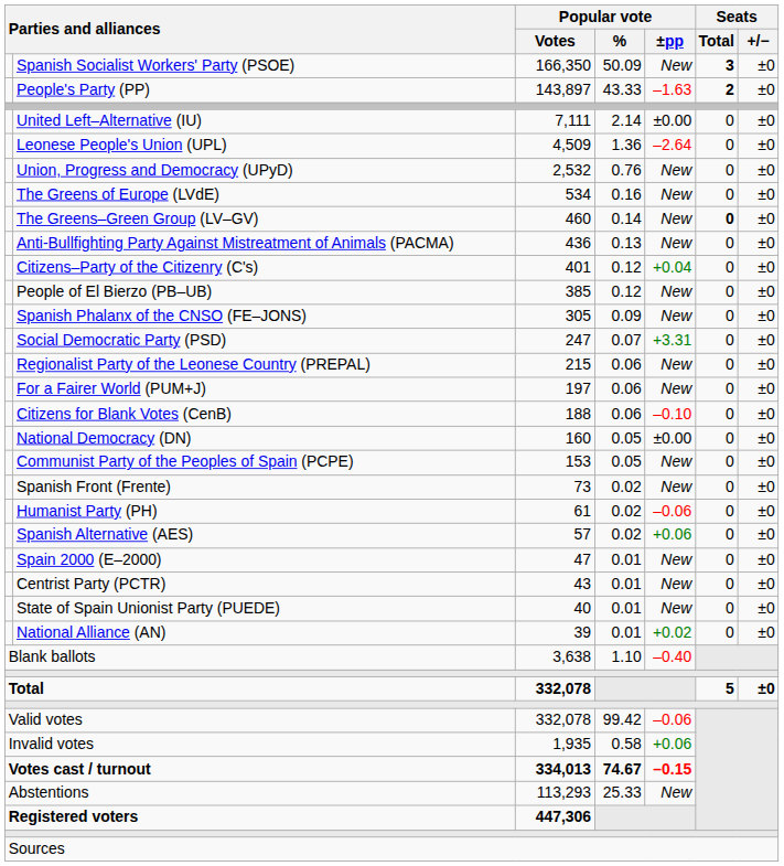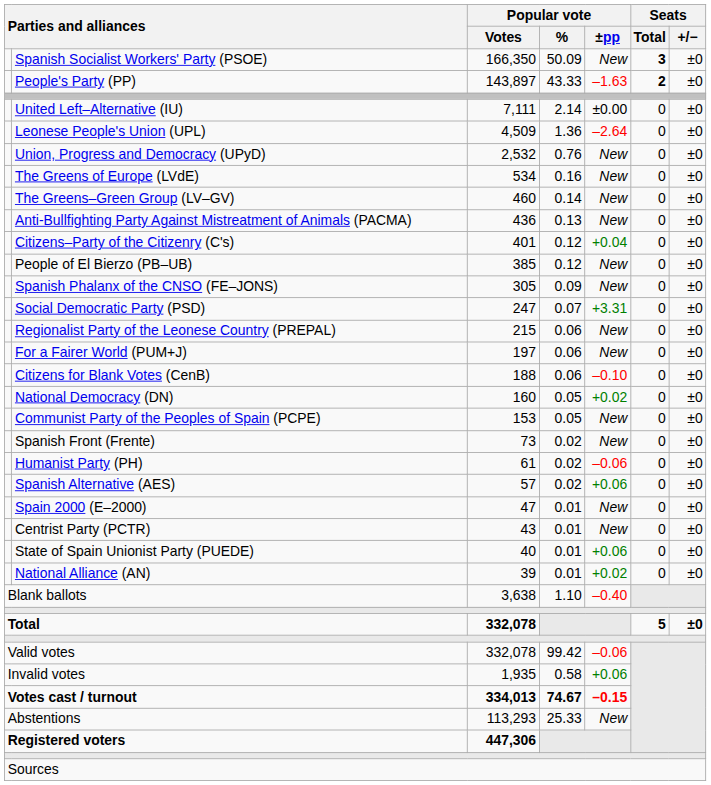 <table class="wikitable" style="text-align:right;">
 <tr>
 <th style="text-align:left;" rowspan="2" colspan="2" width="525">Parties and alliances</th>
 <th colspan="3">Popular vote</th>
 <th colspan="2">Seats</th>
 </tr>
 <tr>
 <th width="75">Votes</th>
 <th width="45">%</th>
 <th width="45">±<a href='#'>pp</a></th>
 <th width="35">Total</th>
 <th width="35">+/−</th>
 </tr>
 <tr>
 <td width="1" style="color:inherit;background:"></td>
 <td align="left"><a href='#'>Spanish Socialist Workers' Party</a> (PSOE)</td>
 <td>166,350</td>
 <td>50.09</td>
 <td><em>New</em></td>
 <td><strong>3</strong></td>
 <td>±0</td>
 </tr>
 <tr>
 <td style="color:inherit;background:"></td>
 <td align="left"><a href='#'>People's Party</a> (PP)</td>
 <td>143,897</td>
 <td>43.33</td>
 <td style="color:red;">–1.63</td>
 <td><strong>2</strong></td>
 <td>±0</td>
 </tr>
 <tr>
 <td colspan="7" bgcolor="#C0C0C0"></td>
 </tr>
 <tr>
 <td style="color:inherit;background:"></td>
 <td align="left"><a href='#'>United Left–Alternative</a> (IU)</td>
 <td>7,111</td>
 <td>2.14</td>
 <td>±0.00</td>
 <td>0</td>
 <td>±0</td>
 </tr>
 <tr>
 <td style="color:inherit;background:"></td>
 <td align="left"><a href='#'>Leonese People's Union</a> (UPL)</td>
 <td>4,509</td>
 <td>1.36</td>
 <td style="color:red;">–2.64</td>
 <td>0</td>
 <td>±0</td>
 </tr>
 <tr>
 <td style="color:inherit;background:"></td>
 <td align="left"><a href='#'>Union, Progress and Democracy</a> (UPyD)</td>
 <td>2,532</td>
 <td>0.76</td>
 <td><em>New</em></td>
 <td>0</td>
 <td>±0</td>
 </tr>
 <tr>
 <td style="color:inherit;background:"></td>
 <td align="left"><a href='#'>The Greens of Europe</a> (LVdE)</td>
 <td>534</td>
 <td>0.16</td>
 <td><em>New</em></td>
 <td>0</td>
 <td>±0</td>
 </tr>
 <tr>
 <td style="color:inherit;background:"></td>
 <td align="left"><a href='#'>The Greens–Green Group</a> (LV–GV)</td>
 <td>460</td>
 <td>0.14</td>
 <td><em>New</em></td>
-<td><strong>0</strong></td>
+<td>0</td>
 <td>±0</td>
 </tr>
 <tr>
 <td style="color:inherit;background:"></td>
 <td align="left"><a href='#'>Anti-Bullfighting Party Against Mistreatment of Animals</a> (PACMA)</td>
 <td>436</td>
 <td>0.13</td>
 <td><em>New</em></td>
 <td>0</td>
 <td>±0</td>
 </tr>
 <tr>
 <td style="color:inherit;background:"></td>
 <td align="left"><a href='#'>Citizens–Party of the Citizenry</a> (C's)</td>
 <td>401</td>
 <td>0.12</td>
 <td style="color:green;">+0.04</td>
 <td>0</td>
 <td>±0</td>
 </tr>
 <tr>
 <td style="color:inherit;background:"></td>
 <td align="left">People of El Bierzo (PB–UB)</td>
 <td>385</td>
 <td>0.12</td>
 <td><em>New</em></td>
 <td>0</td>
 <td>±0</td>
 </tr>
 <tr>
 <td style="color:inherit;background:"></td>
 <td align="left"><a href='#'>Spanish Phalanx of the CNSO</a> (FE–JONS)</td>
 <td>305</td>
 <td>0.09</td>
 <td><em>New</em></td>
 <td>0</td>
 <td>±0</td>
 </tr>
 <tr>
 <td style="color:inherit;background:"></td>
 <td align="left"><a href='#'>Social Democratic Party</a> (PSD)</td>
 <td>247</td>
 <td>0.07</td>
 <td style="color:green;">+3.31</td>
 <td>0</td>
 <td>±0</td>
 </tr>
 <tr>
 <td style="color:inherit;background:"></td>
 <td align="left"><a href='#'>Regionalist Party of the Leonese Country</a> (PREPAL)</td>
 <td>215</td>
 <td>0.06</td>
 <td><em>New</em></td>
 <td>0</td>
 <td>±0</td>
 </tr>
 <tr>
 <td style="color:inherit;background:"></td>
 <td align="left"><a href='#'>For a Fairer World</a> (PUM+J)</td>
 <td>197</td>
 <td>0.06</td>
 <td><em>New</em></td>
 <td>0</td>
 <td>±0</td>
 </tr>
 <tr>
 <td style="color:inherit;background:"></td>
 <td align="left"><a href='#'>Citizens for Blank Votes</a> (CenB)</td>
 <td>188</td>
 <td>0.06</td>
 <td style="color:red;">–0.10</td>
 <td>0</td>
 <td>±0</td>
 </tr>
 <tr>
 <td style="color:inherit;background:"></td>
 <td align="left"><a href='#'>National Democracy</a> (DN)</td>
 <td>160</td>
 <td>0.05</td>
-<td>±0.00</td>
+<td style="color:green;">+0.02</td>
 <td>0</td>
 <td>±0</td>
 </tr>
 <tr>
 <td style="color:inherit;background:"></td>
 <td align="left"><a href='#'>Communist Party of the Peoples of Spain</a> (PCPE)</td>
 <td>153</td>
 <td>0.05</td>
 <td><em>New</em></td>
 <td>0</td>
 <td>±0</td>
 </tr>
 <tr>
 <td style="color:inherit;background:"></td>
 <td align="left">Spanish Front (Frente)</td>
 <td>73</td>
 <td>0.02</td>
 <td><em>New</em></td>
 <td>0</td>
 <td>±0</td>
 </tr>
 <tr>
 <td style="color:inherit;background:"></td>
 <td align="left"><a href='#'>Humanist Party</a> (PH)</td>
 <td>61</td>
 <td>0.02</td>
 <td style="color:red;">–0.06</td>
 <td>0</td>
 <td>±0</td>
 </tr>
 <tr>
 <td style="color:inherit;background:"></td>
 <td align="left"><a href='#'>Spanish Alternative</a> (AES)</td>
 <td>57</td>
 <td>0.02</td>
 <td style="color:green;">+0.06</td>
 <td>0</td>
 <td>±0</td>
 </tr>
 <tr>
 <td style="color:inherit;background:"></td>
 <td align="left"><a href='#'>Spain 2000</a> (E–2000)</td>
 <td>47</td>
 <td>0.01</td>
 <td><em>New</em></td>
 <td>0</td>
 <td>±0</td>
 </tr>
 <tr>
 <td style="color:inherit;background:"></td>
 <td align="left">Centrist Party (PCTR)</td>
 <td>43</td>
 <td>0.01</td>
 <td><em>New</em></td>
 <td>0</td>
 <td>±0</td>
 </tr>
 <tr>
 <td style="color:inherit;background:"></td>
 <td align="left">State of Spain Unionist Party (PUEDE)</td>
 <td>40</td>
 <td>0.01</td>
-<td><em>New</em></td>
+<td style="color:green;">+0.06</td>
 <td>0</td>
 <td>±0</td>
 </tr>
 <tr>
 <td style="color:inherit;background:"></td>
 <td align="left"><a href='#'>National Alliance</a> (AN)</td>
 <td>39</td>
 <td>0.01</td>
 <td style="color:green;">+0.02</td>
 <td>0</td>
 <td>±0</td>
 </tr>
 <tr>
 <td align="left" colspan="2">Blank ballots</td>
 <td>3,638</td>
 <td>1.10</td>
 <td style="color:red;">–0.40</td>
 <td bgcolor="#E9E9E9" colspan="2"></td>
 </tr>
 <tr>
 <td colspan="7" bgcolor="#E9E9E9"></td>
 </tr>
 <tr style="font-weight:bold;">
 <td align="left" colspan="2">Total</td>
 <td>332,078</td>
 <td bgcolor="#E9E9E9" colspan="2"></td>
 <td>5</td>
 <td>±0</td>
 </tr>
 <tr>
 <td colspan="7" bgcolor="#E9E9E9"></td>
 </tr>
 <tr>
 <td align="left" colspan="2">Valid votes</td>
 <td>332,078</td>
 <td>99.42</td>
 <td style="color:red;">–0.06</td>
 <td bgcolor="#E9E9E9" colspan="2" rowspan="5"></td>
 </tr>
 <tr>
 <td align="left" colspan="2">Invalid votes</td>
 <td>1,935</td>
 <td>0.58</td>
 <td style="color:green;">+0.06</td>
 </tr>
 <tr style="font-weight:bold;">
 <td align="left" colspan="2">Votes cast / turnout</td>
 <td>334,013</td>
 <td>74.67</td>
 <td style="color:red;">–0.15</td>
 </tr>
 <tr>
 <td align="left" colspan="2">Abstentions</td>
 <td>113,293</td>
 <td>25.33</td>
 <td><em>New</em></td>
 </tr>
 <tr style="font-weight:bold;">
 <td align="left" colspan="2">Registered voters</td>
 <td>447,306</td>
 <td bgcolor="#E9E9E9" colspan="2"></td>
 </tr>
 <tr>
 <td colspan="7" bgcolor="#E9E9E9"></td>
 </tr>
 <tr>
 <td align="left" colspan="7">Sources</td>
 </tr>
 </table>
